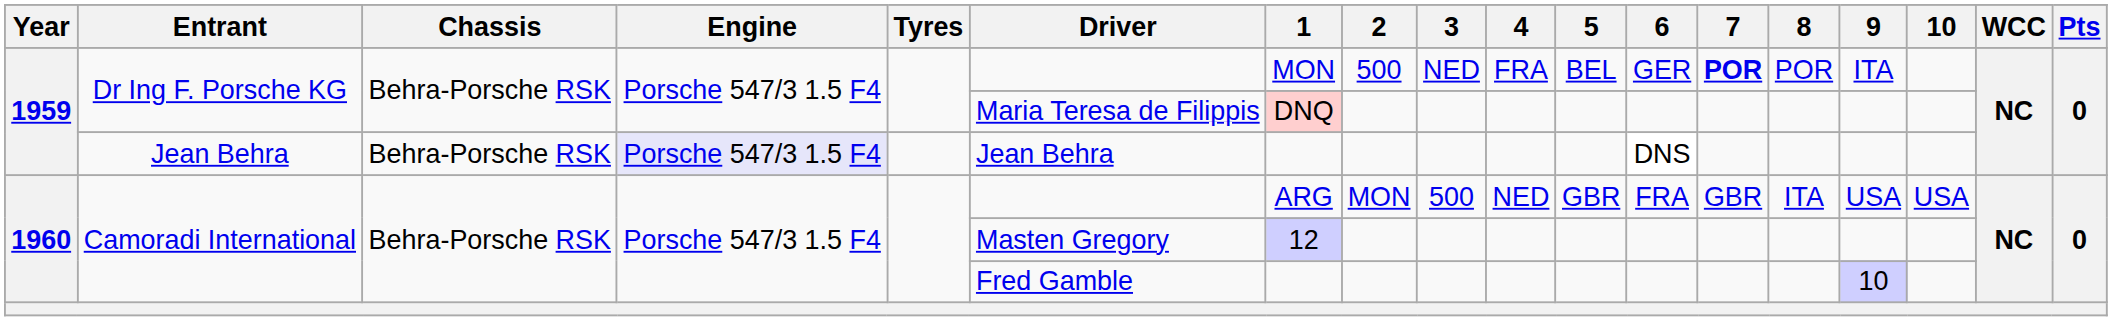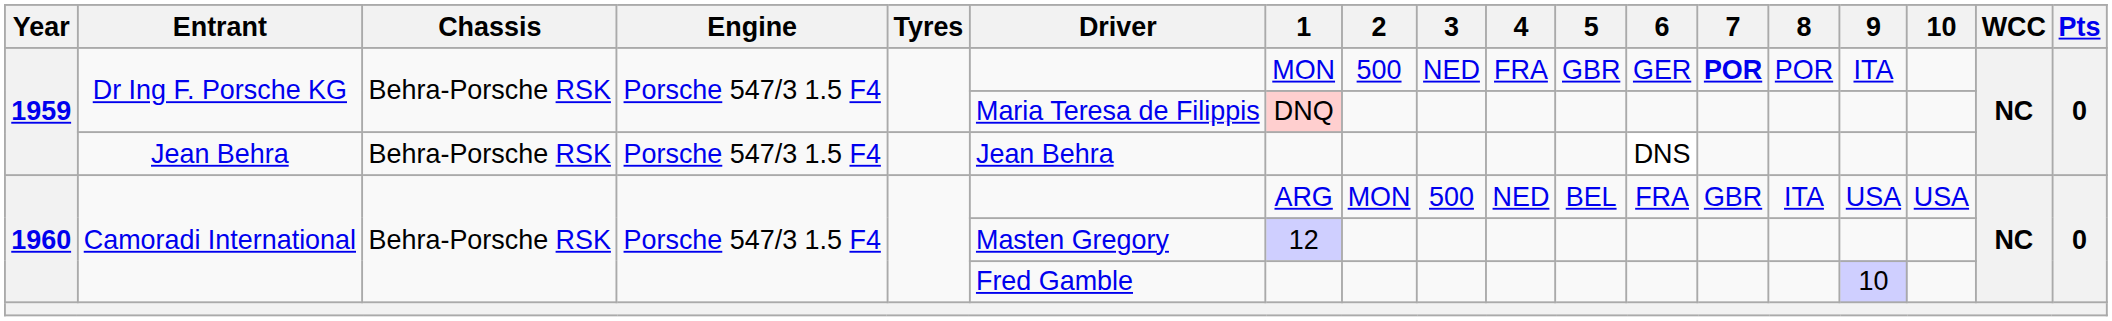 <table class="wikitable" style="text-align:center; font-size:90%">
 <tr>
 <th>Year</th>
 <th>Entrant</th>
 <th>Chassis</th>
 <th>Engine</th>
 <th>Tyres</th>
 <th>Driver</th>
 <th>1</th>
 <th>2</th>
 <th>3</th>
 <th>4</th>
 <th>5</th>
 <th>6</th>
 <th>7</th>
 <th>8</th>
 <th>9</th>
 <th>10</th>
 <th>WCC</th>
 <th><a href='#'>Pts</a></th>
 </tr>
 <tr>
 <th rowspan=3><a href='#'>1959</a></th>
 <td rowspan=2><a href='#'>Dr Ing F. Porsche KG</a></td>
 <td rowspan=2>Behra-Porsche <a href='#'>RSK</a></td>
 <td rowspan=2><a href='#'>Porsche</a> 547/3 1.5 <a href='#'>F4</a></td>
 <td rowspan=2></td>
 <td></td>
 <td><a href='#'>MON</a></td>
 <td><a href='#'>500</a></td>
 <td><a href='#'>NED</a></td>
 <td><a href='#'>FRA</a></td>
-<td><a href='#'>BEL</a></td>
+<td><a href='#'>GBR</a></td>
 <td><a href='#'>GER</a></td>
 <td><strong><a href='#'>POR</a></strong></td>
 <td><a href='#'>POR</a></td>
 <td><a href='#'>ITA</a></td>
 <td></td>
 <th rowspan=3>NC</th>
 <th rowspan=3>0</th>
 </tr>
 <tr>
 <td align="left"> <a href='#'>Maria Teresa de Filippis</a></td>
 <td style="background:#FFCFCF;">DNQ</td>
 <td></td>
 <td></td>
 <td></td>
 <td></td>
 <td></td>
 <td></td>
 <td></td>
 <td></td>
 <td></td>
 </tr>
 <tr>
 <td><a href='#'>Jean Behra</a></td>
 <td>Behra-Porsche <a href='#'>RSK</a></td>
-<td style="background: lavender;"><a href='#'>Porsche</a> 547/3 1.5 <a href='#'>F4</a></td>
+<td><a href='#'>Porsche</a> 547/3 1.5 <a href='#'>F4</a></td>
 <td></td>
 <td align="left"> <a href='#'>Jean Behra</a></td>
 <td></td>
 <td></td>
 <td></td>
 <td></td>
 <td></td>
 <td style="background:#ffffff;">DNS</td>
 <td></td>
 <td></td>
 <td></td>
 <td></td>
 </tr>
 <tr>
 <th rowspan=3><a href='#'>1960</a></th>
 <td rowspan=3><a href='#'>Camoradi International</a></td>
 <td rowspan=3>Behra-Porsche <a href='#'>RSK</a></td>
 <td rowspan=3><a href='#'>Porsche</a> 547/3 1.5 <a href='#'>F4</a></td>
 <td rowspan=3></td>
 <td></td>
 <td><a href='#'>ARG</a></td>
 <td><a href='#'>MON</a></td>
 <td><a href='#'>500</a></td>
 <td><a href='#'>NED</a></td>
-<td><a href='#'>GBR</a></td>
+<td><a href='#'>BEL</a></td>
 <td><a href='#'>FRA</a></td>
 <td><a href='#'>GBR</a></td>
 <td><a href='#'>ITA</a></td>
 <td><a href='#'>USA</a></td>
 <td><a href='#'>USA</a></td>
 <th rowspan=3>NC</th>
 <th rowspan=3>0</th>
 </tr>
 <tr>
 <td align="left"> <a href='#'>Masten Gregory</a></td>
 <td style="background:#CFCFFF;">12</td>
 <td></td>
 <td></td>
 <td></td>
 <td></td>
 <td></td>
 <td></td>
 <td></td>
 <td></td>
 <td></td>
 </tr>
 <tr>
 <td align="left"> <a href='#'>Fred Gamble</a></td>
 <td></td>
 <td></td>
 <td></td>
 <td></td>
 <td></td>
 <td></td>
 <td></td>
 <td></td>
 <td style="background:#CFCFFF;">10</td>
 <td></td>
 </tr>
 <tr>
 <th colspan="18"></th>
 </tr>
 </table>
